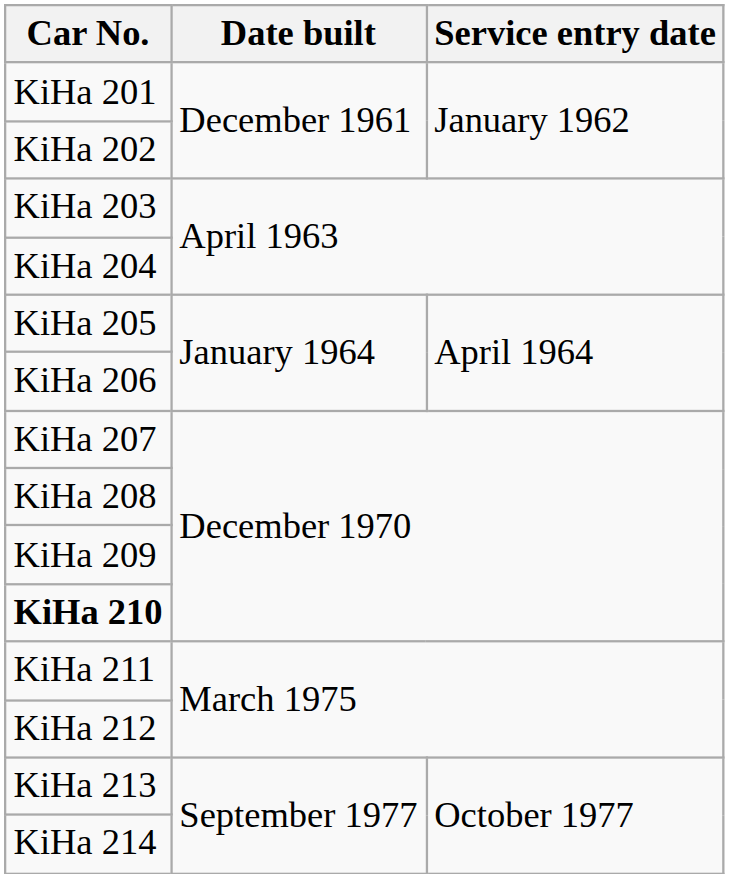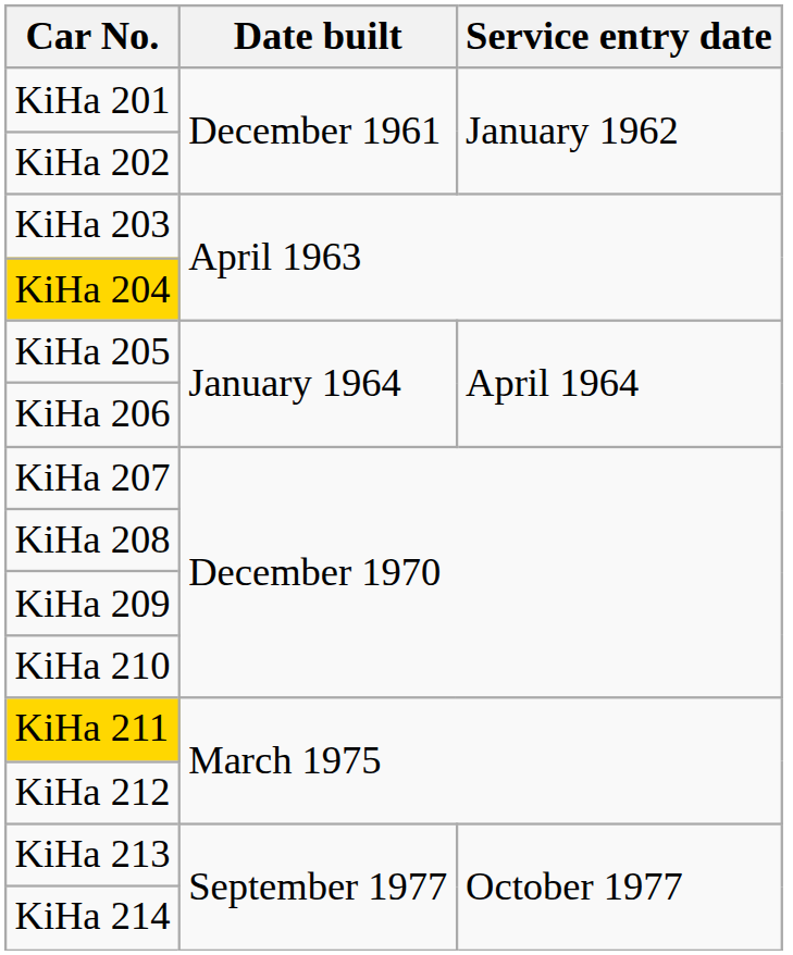 <table class="wikitable">
 <tr>
 <th>Car No.</th>
 <th>Date built</th>
 <th>Service entry date</th>
 </tr>
 <tr>
 <td>KiHa 201</td>
 <td rowspan="2">December 1961</td>
 <td rowspan="2">January 1962</td>
 </tr>
 <tr>
 <td>KiHa 202</td>
 </tr>
 <tr>
 <td>KiHa 203</td>
 <td colspan="2" rowspan="2">April 1963</td>
 </tr>
 <tr>
-<td>KiHa 204</td>
+<td style="background: gold;">KiHa 204</td>
 </tr>
 <tr>
 <td>KiHa 205</td>
 <td rowspan="2">January 1964</td>
 <td rowspan="2">April 1964</td>
 </tr>
 <tr>
 <td>KiHa 206</td>
 </tr>
 <tr>
 <td>KiHa 207</td>
 <td colspan="2" rowspan="4">December 1970</td>
 </tr>
 <tr>
 <td>KiHa 208</td>
 </tr>
 <tr>
 <td>KiHa 209</td>
 </tr>
 <tr>
-<td><strong>KiHa 210</strong></td>
+<td>KiHa 210</td>
 </tr>
 <tr>
-<td>KiHa 211</td>
+<td style="background: gold;">KiHa 211</td>
 <td colspan="2" rowspan="2">March 1975</td>
 </tr>
 <tr>
 <td>KiHa 212</td>
 </tr>
 <tr>
 <td>KiHa 213</td>
 <td rowspan="2">September 1977</td>
 <td rowspan="2">October 1977</td>
 </tr>
 <tr>
 <td>KiHa 214</td>
 </tr>
 </table>
